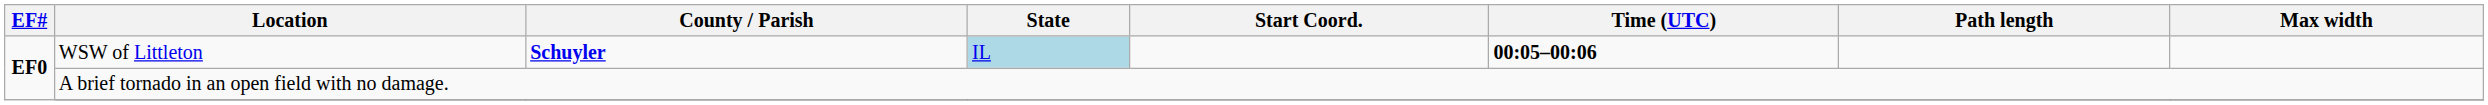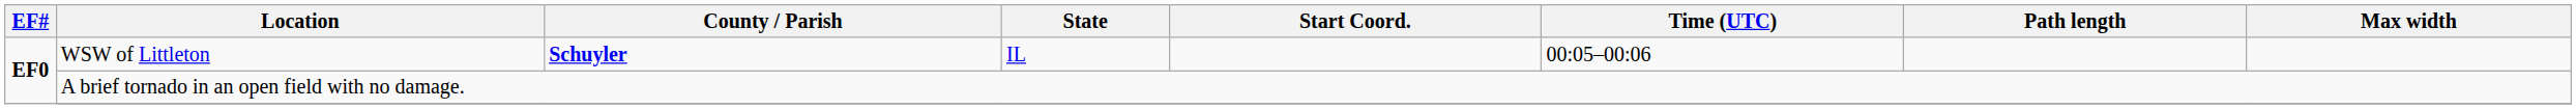 <table class="wikitable sortable" style="width:100%;">
 <tr>
 <th scope="col" width="2%" align="center"><a href='#'>EF#</a></th>
 <th scope="col" align="center" class="unsortable">Location</th>
 <th scope="col" align="center" class="unsortable">County / Parish</th>
 <th scope="col" align="center">State</th>
 <th scope="col" align="center" data-sort-type="number">Start Coord.</th>
 <th scope="col" align="center" data-sort-type="number">Time (<a href='#'>UTC</a>)</th>
 <th scope="col" align="center" data-sort-type="number">Path length</th>
 <th scope="col" align="center" data-sort-type="number">Max width</th>
 </tr>
 <tr>
 <td rowspan="2" align="center"><strong>EF0</strong></td>
 <td>WSW of <a href='#'>Littleton</a></td>
 <td><strong><a href='#'>Schuyler</a></strong></td>
-<td style="background: lightblue;"><a href='#'>IL</a></td>
+<td><a href='#'>IL</a></td>
 <td></td>
-<td><strong>00:05–00:06</strong></td>
+<td>00:05–00:06</td>
 <td></td>
 <td></td>
 </tr>
 <tr class="expand-child">
 <td colspan="8" style=" border-bottom: 1px solid black;">A brief tornado in an open field with no damage.</td>
 </tr>
 <tr>
 </tr>
 </table>
